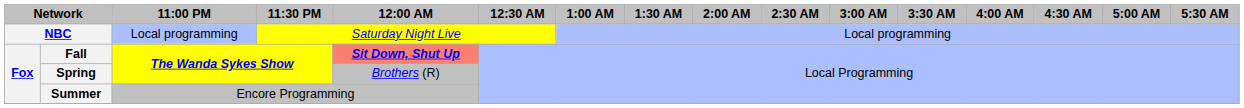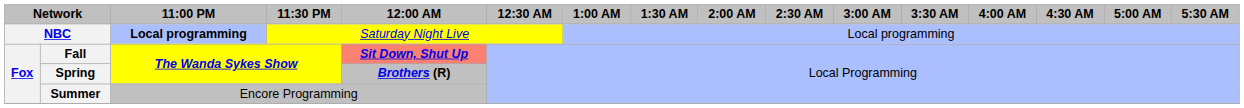 <table class="wikitable" style="width:100%;margin-right:0;text-align:center">
 <tr>
 <th style="background-color:#C0C0C0;text-align:center" colspan="2">Network</th>
 <th style="background-color:#C0C0C0;text-align:center">11:00 PM</th>
 <th style="background-color:#C0C0C0;text-align:center">11:30 PM</th>
 <th style="background-color:#C0C0C0;text-align:center">12:00 AM</th>
 <th style="background-color:#C0C0C0;text-align:center">12:30 AM</th>
 <th style="background-color:#C0C0C0;text-align:center">1:00 AM</th>
 <th style="background-color:#C0C0C0;text-align:center">1:30 AM</th>
 <th style="background-color:#C0C0C0;text-align:center">2:00 AM</th>
 <th style="background-color:#C0C0C0;text-align:center">2:30 AM</th>
 <th style="background-color:#C0C0C0;text-align:center">3:00 AM</th>
 <th style="background-color:#C0C0C0;text-align:center">3:30 AM</th>
 <th style="background-color:#C0C0C0;text-align:center">4:00 AM</th>
 <th style="background-color:#C0C0C0;text-align:center">4:30 AM</th>
 <th style="background-color:#C0C0C0;text-align:center">5:00 AM</th>
 <th style="background-color:#C0C0C0;text-align:center">5:30 AM</th>
 </tr>
 <tr>
 <th colspan="2"><a href='#'>NBC</a></th>
-<td style="background:#abbfff">Local programming</td>
+<td style="background:#abbfff"><strong>Local programming</strong></td>
 <td colspan="3" style="background:yellow"><em><a href='#'>Saturday Night Live</a></em></td>
 <td colspan="10" style="background:#abbfff">Local programming </td>
 </tr>
 <tr>
 <th colspan="1" rowspan="3"><a href='#'>Fox</a></th>
 <th>Fall</th>
 <td colspan="2" rowspan=2 style="background:yellow"><strong><em><a href='#'>The Wanda Sykes Show</a></em></strong></td>
 <td colspan="1" style="background-color:#FA8072"><strong><em><a href='#'>Sit Down, Shut Up</a></em></strong></td>
 <td colspan="11" rowspan="3" style="background:#abbfff">Local Programming</td>
 </tr>
 <tr>
 <th>Spring</th>
-<td style="background:#C0C0C0"><em><a href='#'>Brothers</a></em> (R)</td>
+<td style="background:#C0C0C0"><strong><em><a href='#'>Brothers</a></em> (R)</strong></td>
 </tr>
 <tr>
 <th>Summer</th>
 <td colspan="3" style="background:#C0C0C0">Encore Programming</td>
 </tr>
 <tr>
 </tr>
 </table>
